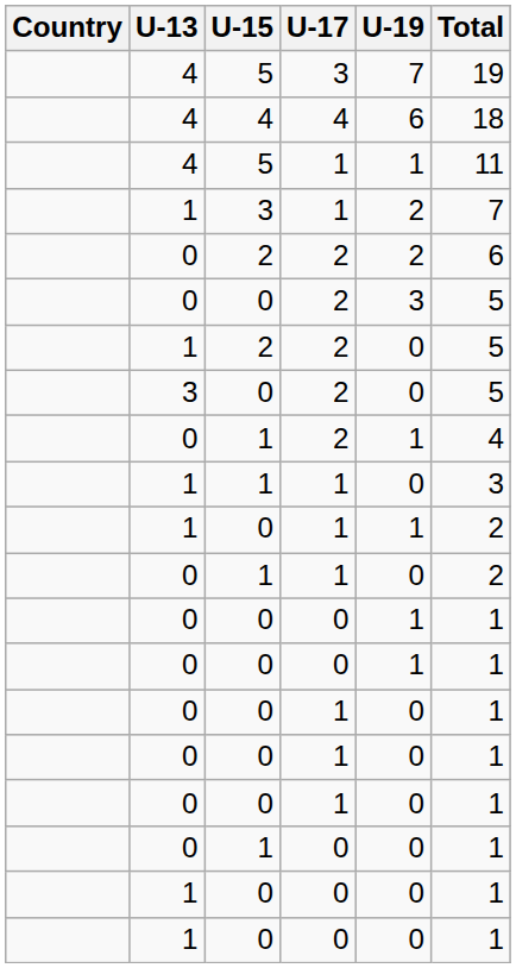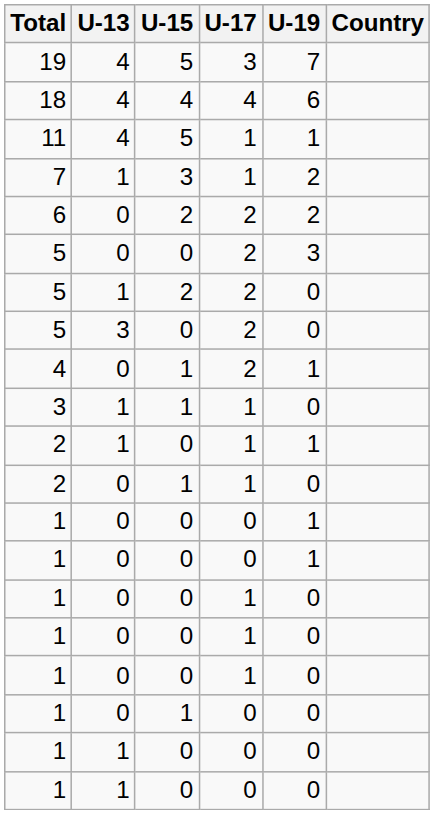 <table class="sortable wikitable">
 <tr>
-<th>Country</th>
+<th>Total</th>
 <th>U-13</th>
 <th>U-15</th>
 <th>U-17</th>
 <th>U-19</th>
-<th>Total</th>
+<th>Country</th>
 </tr>
 <tr>
-<td></td>
+<td align="right">19</td>
 <td align="right">4</td>
 <td align="right">5</td>
 <td align="right">3</td>
 <td align="right">7</td>
-<td align="right">19</td>
+<td></td>
 </tr>
 <tr>
-<td></td>
+<td align="right">18</td>
 <td align="right">4</td>
 <td align="right">4</td>
 <td align="right">4</td>
 <td align="right">6</td>
-<td align="right">18</td>
+<td></td>
 </tr>
 <tr>
-<td></td>
+<td align="right">11</td>
 <td align="right">4</td>
 <td align="right">5</td>
 <td align="right">1</td>
 <td align="right">1</td>
-<td align="right">11</td>
+<td></td>
 </tr>
 <tr>
-<td></td>
+<td align="right">7</td>
 <td align="right">1</td>
 <td align="right">3</td>
 <td align="right">1</td>
 <td align="right">2</td>
-<td align="right">7</td>
+<td></td>
 </tr>
 <tr>
-<td></td>
+<td align="right">6</td>
 <td align="right">0</td>
 <td align="right">2</td>
 <td align="right">2</td>
 <td align="right">2</td>
-<td align="right">6</td>
+<td></td>
 </tr>
 <tr>
-<td></td>
+<td align="right">5</td>
 <td align="right">0</td>
 <td align="right">0</td>
 <td align="right">2</td>
 <td align="right">3</td>
-<td align="right">5</td>
+<td></td>
 </tr>
 <tr>
-<td></td>
+<td align="right">5</td>
 <td align="right">1</td>
 <td align="right">2</td>
 <td align="right">2</td>
 <td align="right">0</td>
-<td align="right">5</td>
+<td></td>
 </tr>
 <tr>
-<td></td>
+<td align="right">5</td>
 <td align="right">3</td>
 <td align="right">0</td>
 <td align="right">2</td>
 <td align="right">0</td>
-<td align="right">5</td>
+<td></td>
 </tr>
 <tr>
-<td></td>
+<td align="right">4</td>
 <td align="right">0</td>
 <td align="right">1</td>
 <td align="right">2</td>
 <td align="right">1</td>
-<td align="right">4</td>
+<td></td>
 </tr>
 <tr>
-<td></td>
+<td align="right">3</td>
 <td align="right">1</td>
 <td align="right">1</td>
 <td align="right">1</td>
 <td align="right">0</td>
-<td align="right">3</td>
+<td></td>
 </tr>
 <tr>
-<td></td>
+<td align="right">2</td>
 <td align="right">1</td>
 <td align="right">0</td>
 <td align="right">1</td>
 <td align="right">1</td>
-<td align="right">2</td>
+<td></td>
 </tr>
 <tr>
-<td></td>
+<td align="right">2</td>
 <td align="right">0</td>
 <td align="right">1</td>
 <td align="right">1</td>
 <td align="right">0</td>
-<td align="right">2</td>
+<td></td>
 </tr>
 <tr>
-<td></td>
-<td align="right">0</td>
-<td align="right">0</td>
-<td align="right">0</td>
-<td align="right">1</td>
-<td align="right">1</td>
-</tr>
-<tr>
-<td></td>
-<td align="right">0</td>
-<td align="right">0</td>
-<td align="right">0</td>
-<td align="right">1</td>
-<td align="right">1</td>
-</tr>
-<tr>
-<td></td>
-<td align="right">0</td>
-<td align="right">0</td>
-<td align="right">1</td>
-<td align="right">0</td>
-<td align="right">1</td>
-</tr>
-<tr>
-<td></td>
-<td align="right">0</td>
-<td align="right">0</td>
-<td align="right">1</td>
-<td align="right">0</td>
-<td align="right">1</td>
-</tr>
-<tr>
-<td></td>
-<td align="right">0</td>
-<td align="right">0</td>
-<td align="right">1</td>
-<td align="right">0</td>
-<td align="right">1</td>
-</tr>
-<tr>
-<td></td>
-<td align="right">0</td>
-<td align="right">1</td>
-<td align="right">0</td>
-<td align="right">0</td>
-<td align="right">1</td>
-</tr>
-<tr>
-<td></td>
 <td align="right">1</td>
 <td align="right">0</td>
 <td align="right">0</td>
 <td align="right">0</td>
 <td align="right">1</td>
+<td></td>
 </tr>
 <tr>
-<td></td>
 <td align="right">1</td>
 <td align="right">0</td>
 <td align="right">0</td>
 <td align="right">0</td>
 <td align="right">1</td>
+<td></td>
+</tr>
+<tr>
+<td align="right">1</td>
+<td align="right">0</td>
+<td align="right">0</td>
+<td align="right">1</td>
+<td align="right">0</td>
+<td></td>
+</tr>
+<tr>
+<td align="right">1</td>
+<td align="right">0</td>
+<td align="right">0</td>
+<td align="right">1</td>
+<td align="right">0</td>
+<td></td>
+</tr>
+<tr>
+<td align="right">1</td>
+<td align="right">0</td>
+<td align="right">0</td>
+<td align="right">1</td>
+<td align="right">0</td>
+<td></td>
+</tr>
+<tr>
+<td align="right">1</td>
+<td align="right">0</td>
+<td align="right">1</td>
+<td align="right">0</td>
+<td align="right">0</td>
+<td></td>
+</tr>
+<tr>
+<td align="right">1</td>
+<td align="right">1</td>
+<td align="right">0</td>
+<td align="right">0</td>
+<td align="right">0</td>
+<td></td>
+</tr>
+<tr>
+<td align="right">1</td>
+<td align="right">1</td>
+<td align="right">0</td>
+<td align="right">0</td>
+<td align="right">0</td>
+<td></td>
 </tr>
 </table>
